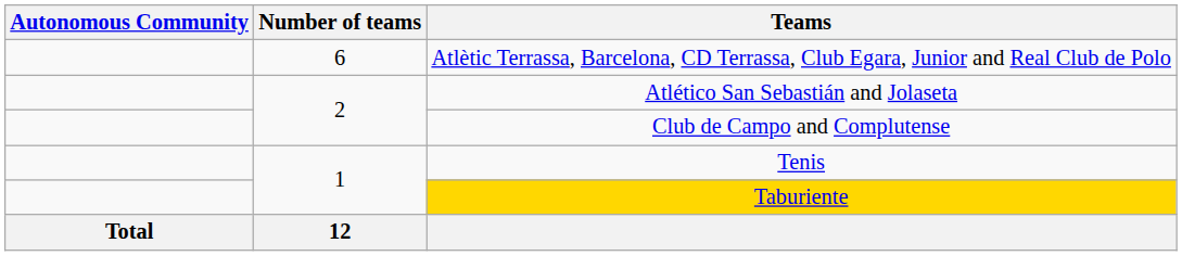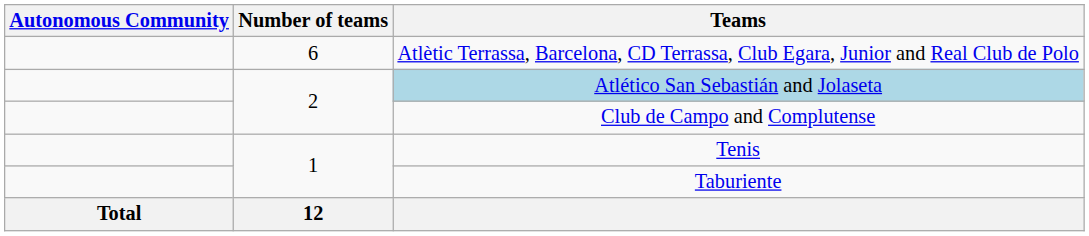 <table class="wikitable" style="text-align:center">
 <tr>
 <th><a href='#'>Autonomous Community</a></th>
 <th>Number of teams</th>
 <th>Teams</th>
 </tr>
 <tr>
 <td align=left></td>
 <td>6</td>
 <td><a href='#'>Atlètic Terrassa</a>, <a href='#'>Barcelona</a>, <a href='#'>CD Terrassa</a>, <a href='#'>Club Egara</a>, <a href='#'>Junior</a> and <a href='#'>Real Club de Polo</a></td>
 </tr>
 <tr>
 <td align=left></td>
 <td rowspan=2>2</td>
-<td><a href='#'>Atlético San Sebastián</a> and <a href='#'>Jolaseta</a></td>
+<td style="background: lightblue;"><a href='#'>Atlético San Sebastián</a> and <a href='#'>Jolaseta</a></td>
 </tr>
 <tr>
 <td align=left></td>
 <td><a href='#'>Club de Campo</a> and <a href='#'>Complutense</a></td>
 </tr>
 <tr>
 <td align=left></td>
 <td rowspan=2>1</td>
 <td><a href='#'>Tenis</a></td>
 </tr>
 <tr>
 <td align=left></td>
-<td align=center style="background: gold;"><a href='#'>Taburiente</a></td>
+<td align=center><a href='#'>Taburiente</a></td>
 </tr>
 <tr>
 <th>Total</th>
 <th>12</th>
 <th></th>
 </tr>
 </table>
